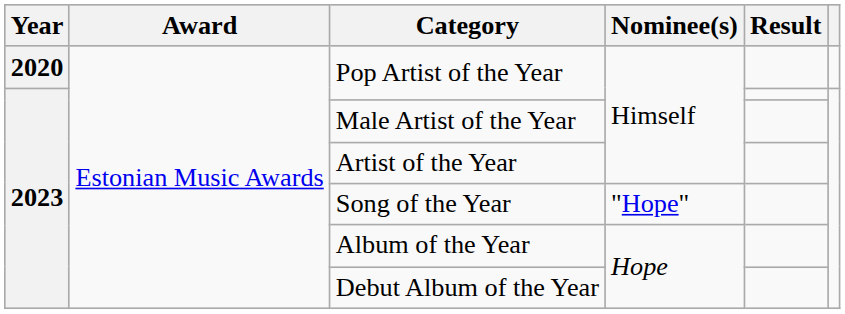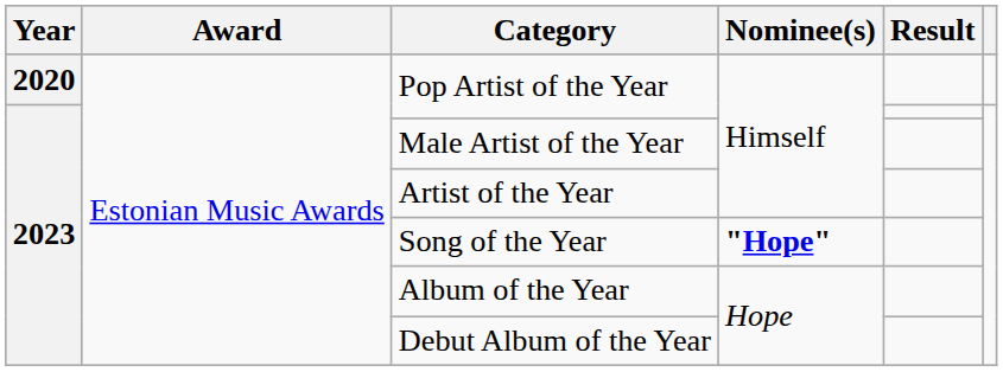 <table class="wikitable sortable plainrowheaders">
 <tr>
 <th scope="col">Year</th>
 <th scope="col">Award</th>
 <th scope="col">Category</th>
 <th scope="col">Nominee(s)</th>
 <th scope="col">Result</th>
 <th scope="col"></th>
 </tr>
 <tr>
 <th>2020</th>
 <td rowspan="7"><a href='#'>Estonian Music Awards</a></td>
 <td rowspan="2">Pop Artist of the Year</td>
 <td rowspan="4">Himself</td>
 <td></td>
 <td></td>
 </tr>
 <tr>
 <th rowspan="6">2023</th>
 <td></td>
 <td rowspan="6"></td>
 </tr>
 <tr>
 <td>Male Artist of the Year</td>
 <td></td>
 </tr>
 <tr>
 <td>Artist of the Year</td>
 <td></td>
 </tr>
 <tr>
 <td>Song of the Year</td>
-<td>"<a href='#'>Hope</a>"</td>
+<td><strong>"<a href='#'>Hope</a>"</strong></td>
 <td></td>
 </tr>
 <tr>
 <td>Album of the Year</td>
 <td rowspan="2"><em>Hope</em></td>
 <td></td>
 </tr>
 <tr>
 <td>Debut Album of the Year</td>
 <td></td>
 </tr>
 </table>
